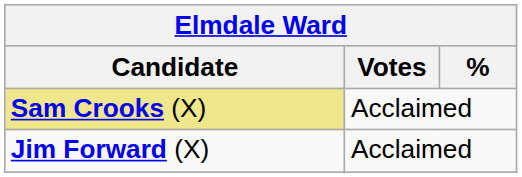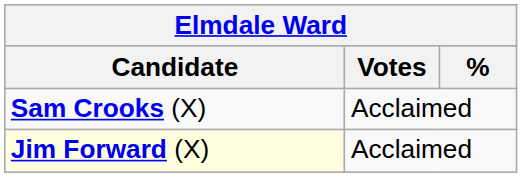 <table class="wikitable">
 <tr>
 <th colspan="3"><a href='#'>Elmdale Ward</a></th>
 </tr>
 <tr>
 <th style="width: 200px">Candidate</th>
 <th style="width: 50px">Votes</th>
 <th style="width: 40px">%</th>
 </tr>
 <tr>
-<td style="background: khaki;"><strong><a href='#'>Sam Crooks</a></strong> (X)</td>
+<td><strong><a href='#'>Sam Crooks</a></strong> (X)</td>
 <td colspan="2">Acclaimed</td>
 </tr>
 <tr>
-<td><strong><a href='#'>Jim Forward</a></strong> (X)</td>
+<td style="background: lightyellow;"><strong><a href='#'>Jim Forward</a></strong> (X)</td>
 <td colspan="2">Acclaimed</td>
 </tr>
 </table>
